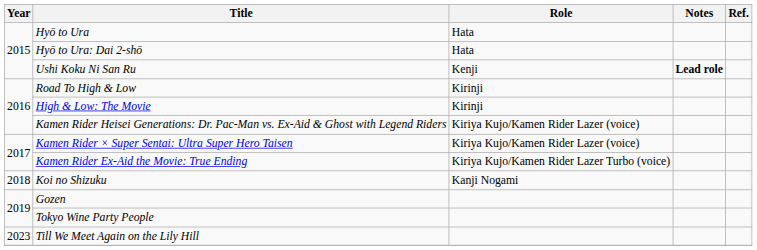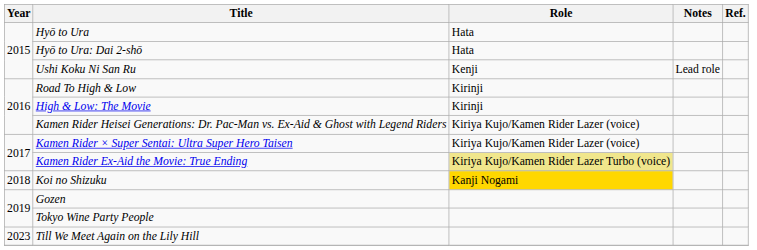 <table class="wikitable">
 <tr>
 <th>Year</th>
 <th>Title</th>
 <th>Role</th>
 <th>Notes</th>
 <th>Ref.</th>
 </tr>
 <tr>
 <td rowspan="3">2015</td>
 <td><em>Hyō to Ura</em></td>
 <td>Hata</td>
 <td></td>
 <td></td>
 </tr>
 <tr>
 <td><em>Hyō to Ura: Dai 2-shō</em></td>
 <td>Hata</td>
 <td></td>
 <td></td>
 </tr>
 <tr>
 <td><em>Ushi Koku Ni San Ru</em></td>
 <td>Kenji</td>
-<td><strong>Lead role</strong></td>
+<td>Lead role</td>
 <td></td>
 </tr>
 <tr>
 <td rowspan="3">2016</td>
 <td><em>Road To High & Low</em></td>
 <td>Kirinji</td>
 <td></td>
 <td></td>
 </tr>
 <tr>
 <td><em><a href='#'>High & Low: The Movie</a></em></td>
 <td>Kirinji</td>
 <td></td>
 <td></td>
 </tr>
 <tr>
 <td><em>Kamen Rider Heisei Generations: Dr. Pac-Man vs. Ex-Aid & Ghost with Legend Riders</em></td>
 <td>Kiriya Kujo/Kamen Rider Lazer (voice)</td>
 <td></td>
 <td></td>
 </tr>
 <tr>
 <td rowspan="2">2017</td>
 <td><em><a href='#'>Kamen Rider × Super Sentai: Ultra Super Hero Taisen</a></em></td>
 <td>Kiriya Kujo/Kamen Rider Lazer (voice)</td>
 <td></td>
 <td></td>
 </tr>
 <tr>
 <td><em><a href='#'>Kamen Rider Ex-Aid the Movie: True Ending</a></em></td>
-<td>Kiriya Kujo/Kamen Rider Lazer Turbo (voice)</td>
+<td style="background: khaki;">Kiriya Kujo/Kamen Rider Lazer Turbo (voice)</td>
 <td></td>
 </tr>
 <tr>
 <td rowspan="1">2018</td>
 <td><em>Koi no Shizuku</em></td>
-<td>Kanji Nogami</td>
+<td style="background: gold;">Kanji Nogami</td>
 <td></td>
 <td></td>
 </tr>
 <tr>
 <td rowspan="2">2019</td>
 <td><em>Gozen</em></td>
 <td></td>
 <td></td>
 <td></td>
 </tr>
 <tr>
 <td><em>Tokyo Wine Party People</em></td>
 <td></td>
 <td></td>
 <td></td>
 </tr>
 <tr>
 <td>2023</td>
 <td><em>Till We Meet Again on the Lily Hill</em></td>
 <td></td>
 <td></td>
 <td></td>
 </tr>
 <tr>
 </tr>
 </table>
